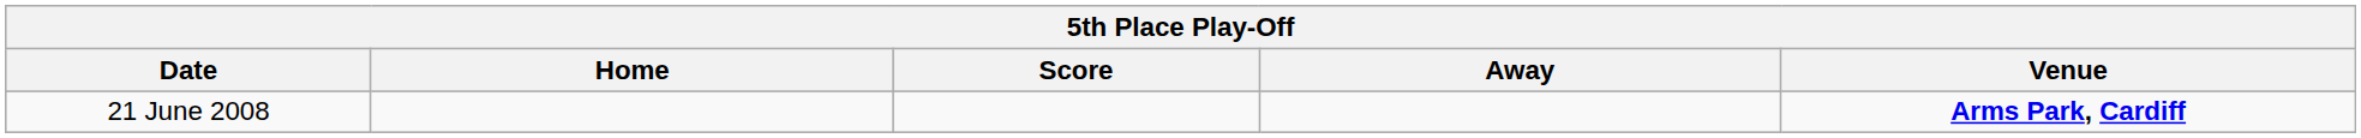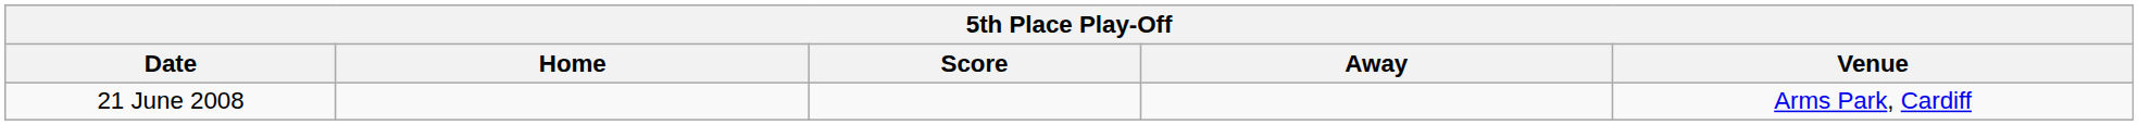 <table class="wikitable" style="font-size:90%; width: 100%; text-align: center;">
 <tr>
 <th colspan=5>5th Place Play-Off</th>
 </tr>
 <tr>
 <th width=7%>Date</th>
 <th width=10%>Home</th>
 <th width=7%>Score</th>
 <th width=10%>Away</th>
 <th width=11%>Venue</th>
 </tr>
 <tr>
 <td>21 June 2008</td>
 <td></td>
 <td></td>
 <td></td>
-<td><strong><a href='#'>Arms Park</a>, <a href='#'>Cardiff</a></strong></td>
+<td><a href='#'>Arms Park</a>, <a href='#'>Cardiff</a></td>
 </tr>
 </table>
